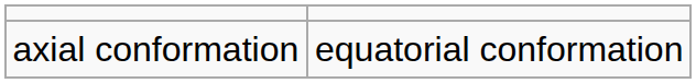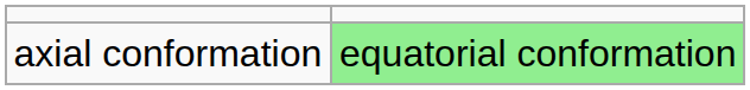 <table class="wikitable" style="margin:1em auto; text-align:center;">
 <tr>
 <td></td>
 <td></td>
 </tr>
 <tr>
 <td>axial conformation</td>
-<td>equatorial conformation</td>
+<td style="background: lightgreen;">equatorial conformation</td>
 </tr>
 </table>
